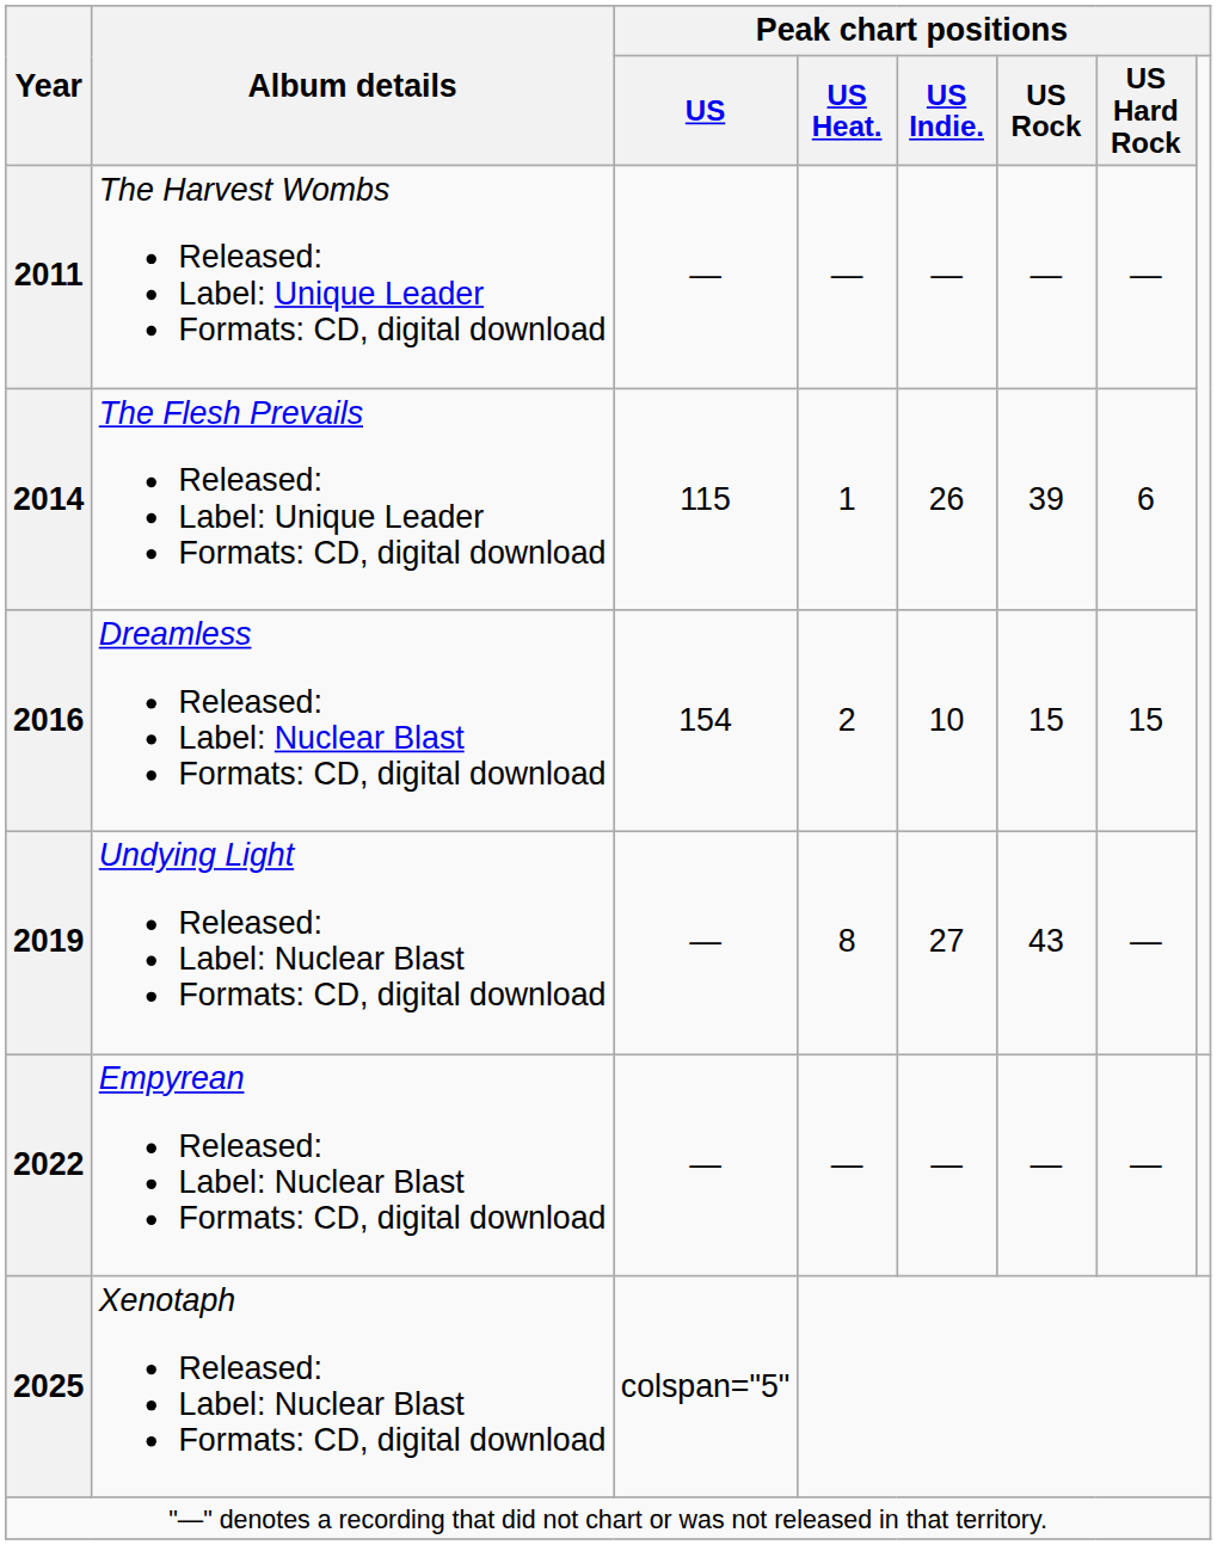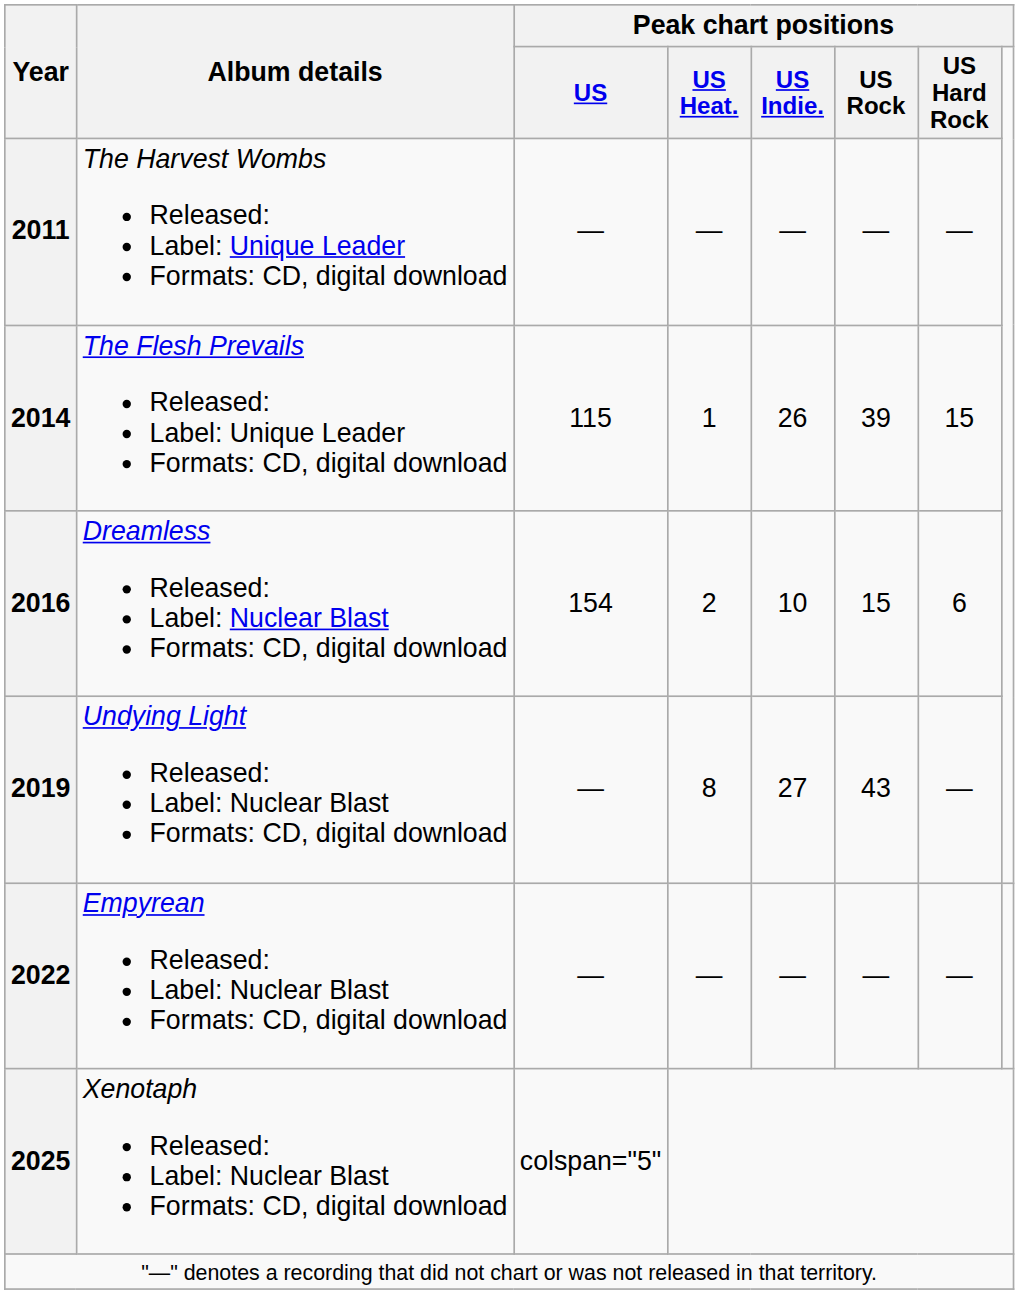 <table class="wikitable plainrowheaders"  style="text-align:center;">
 <tr>
 <th rowspan="2">Year</th>
 <th rowspan="2">Album details</th>
 <th colspan="10">Peak chart positions</th>
 </tr>
 <tr>
 <th scope="col" style="width:3em;font-size:90%;"><a href='#'>US</a></th>
 <th scope="col" style="width:3em;font-size:90%;"><a href='#'>US<br>Heat.</a></th>
 <th scope="col" style="width:3em;font-size:90%;"><a href='#'>US<br>Indie.</a></th>
 <th scope="col" style="width:3em;font-size:90%;">US<br>Rock</th>
 <th scope="col" style="width:3em;font-size:90%;">US<br>Hard Rock<br></th>
 </tr>
 <tr>
 <th scope="row">2011</th>
 <td align=left><em>The Harvest Wombs</em><br><ul><li>Released: </li><li>Label: <a href='#'>Unique Leader</a></li><li>Formats: CD, digital download</li></ul></td>
 <td>—</td>
 <td>—</td>
 <td>—</td>
 <td>—</td>
 <td>—</td>
 </tr>
 <tr>
 <th scope="row">2014</th>
 <td align=left><em><a href='#'>The Flesh Prevails</a></em><br><ul><li>Released: </li><li>Label: Unique Leader</li><li>Formats: CD, digital download</li></ul></td>
 <td>115</td>
 <td>1</td>
 <td>26</td>
 <td>39</td>
-<td>6</td>
+<td>15</td>
 </tr>
 <tr>
 <th scope="row">2016</th>
 <td align=left><em><a href='#'>Dreamless</a></em><br><ul><li>Released: </li><li>Label: <a href='#'>Nuclear Blast</a></li><li>Formats: CD, digital download</li></ul></td>
 <td>154</td>
 <td>2</td>
 <td>10</td>
 <td>15</td>
-<td>15</td>
+<td>6</td>
 </tr>
 <tr>
 <th scope="row">2019</th>
 <td align=left><em><a href='#'>Undying Light</a></em><br><ul><li>Released: </li><li>Label: Nuclear Blast</li><li>Formats: CD, digital download</li></ul></td>
 <td>—</td>
 <td>8</td>
 <td>27</td>
 <td>43</td>
 <td>—</td>
 </tr>
 <tr>
 <th scope="row">2022</th>
 <td align=left><em><a href='#'>Empyrean</a></em><br><ul><li>Released: </li><li>Label: Nuclear Blast</li><li>Formats: CD, digital download</li></ul></td>
 <td>—</td>
 <td>—</td>
 <td>—</td>
 <td>—</td>
 <td>—</td>
 <td></td>
 </tr>
 <tr>
 <th scope="row">2025</th>
 <td align=left><em>Xenotaph</em><br><ul><li>Released: </li><li>Label: Nuclear Blast</li><li>Formats: CD, digital download</li></ul></td>
 <td>colspan="5" </td>
 </tr>
 <tr>
 <td colspan="10" style="font-size:80%">"—" denotes a recording that did not chart or was not released in that territory.</td>
 </tr>
 </table>
